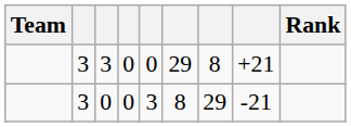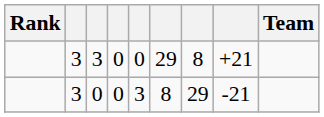 <table class="wikitable" style="text-align:center; font-size:90%">
 <tr>
-<th>Team</th>
+<th>Rank</th>
 <th></th>
 <th></th>
 <th></th>
 <th></th>
 <th></th>
 <th></th>
 <th></th>
-<th>Rank</th>
+<th>Team</th>
 </tr>
 <tr>
-<td style="text-align:left;"></td>
+<td></td>
 <td>3</td>
 <td>3</td>
 <td>0</td>
 <td>0</td>
 <td>29</td>
 <td>8</td>
 <td>+21</td>
-<td></td>
+<td style="text-align:left;"></td>
 </tr>
 <tr>
-<td style="text-align:left;"></td>
+<td></td>
 <td>3</td>
 <td>0</td>
 <td>0</td>
 <td>3</td>
 <td>8</td>
 <td>29</td>
 <td>-21</td>
-<td></td>
+<td style="text-align:left;"></td>
 </tr>
 </table>
